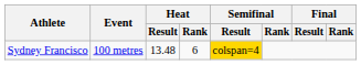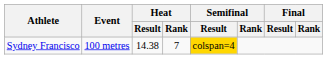 <table class="wikitable" style="font-size:90%">
 <tr>
 <th rowspan="2">Athlete</th>
 <th rowspan="2">Event</th>
 <th colspan="2">Heat</th>
 <th colspan="2">Semifinal</th>
 <th colspan="2">Final</th>
 </tr>
 <tr style="font-size:95%">
 <th>Result</th>
 <th>Rank</th>
 <th>Result</th>
 <th>Rank</th>
 <th>Result</th>
 <th>Rank</th>
 </tr>
 <tr align=center>
 <td align=left><a href='#'>Sydney Francisco</a></td>
 <td align=left><a href='#'>100 metres</a></td>
-<td>13.48 </td>
-<td>6</td>
+<td>14.38 </td>
+<td>7</td>
 <td style="background: gold;">colspan=4 </td>
 </tr>
 </table>
